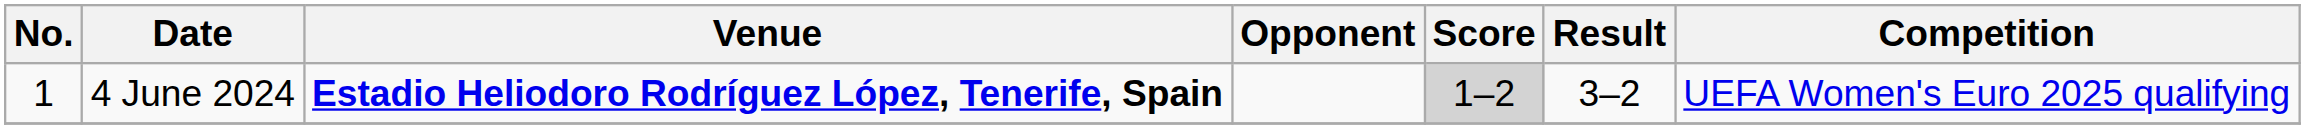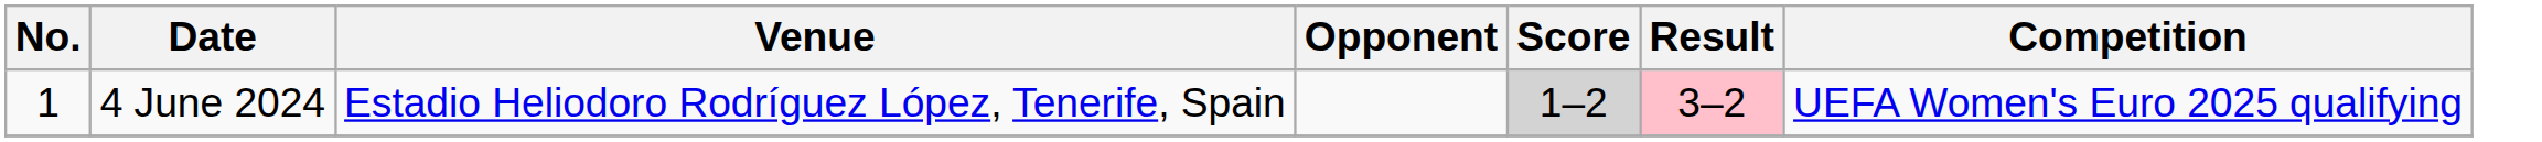 <table class="wikitable sortable">
 <tr>
 <th scope="col">No.</th>
 <th scope="col">Date</th>
 <th scope="col">Venue</th>
 <th scope="col">Opponent</th>
 <th scope="col">Score</th>
 <th scope="col">Result</th>
 <th scope="col">Competition</th>
 </tr>
 <tr>
 <td align="center">1</td>
 <td>4 June 2024</td>
-<td><strong><a href='#'>Estadio Heliodoro Rodríguez López</a>, <a href='#'>Tenerife</a>, Spain</strong></td>
+<td><a href='#'>Estadio Heliodoro Rodríguez López</a>, <a href='#'>Tenerife</a>, Spain</td>
 <td></td>
 <td align="center" style="background: lightgrey;">1–2</td>
-<td align="center">3–2</td>
+<td align="center" style="background: pink;">3–2</td>
 <td><a href='#'>UEFA Women's Euro 2025 qualifying</a></td>
 </tr>
 <tr>
 </tr>
 </table>
